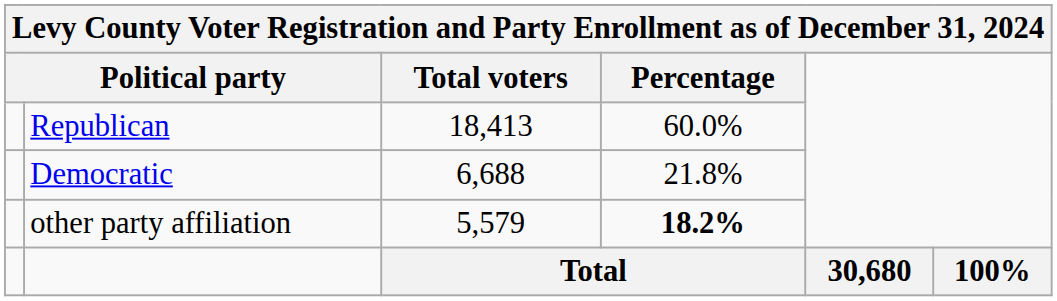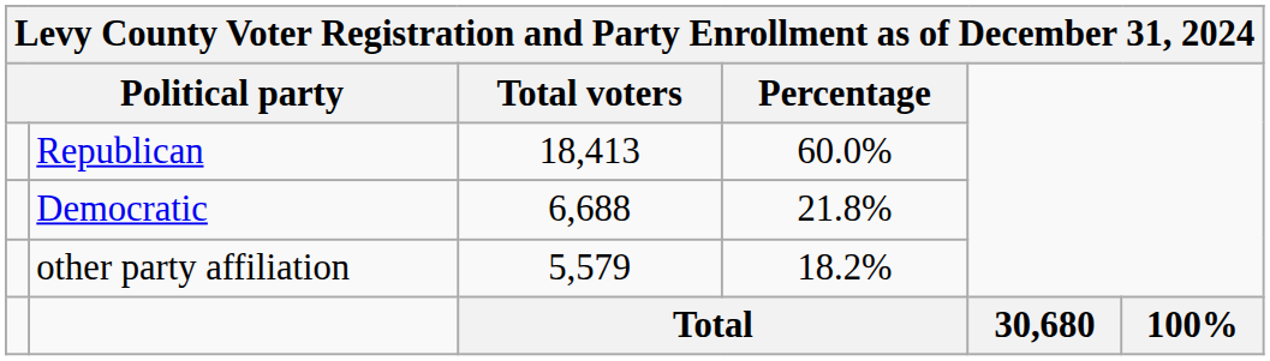 <table class=wikitable>
 <tr>
 <th colspan = 6>Levy County Voter Registration and Party Enrollment as of December 31, 2024</th>
 </tr>
 <tr>
 <th colspan = 2>Political party</th>
 <th>Total voters</th>
 <th>Percentage</th>
 </tr>
 <tr>
 <td></td>
 <td><a href='#'>Republican</a></td>
 <td align = center>18,413</td>
 <td align = center>60.0%</td>
 </tr>
 <tr>
 <td></td>
 <td><a href='#'>Democratic</a></td>
 <td align = center>6,688</td>
 <td align = center>21.8%</td>
 </tr>
 <tr>
 <td></td>
 <td>other party affiliation</td>
 <td align = center>5,579</td>
-<td align = center><strong>18.2%</strong></td>
+<td align = center>18.2%</td>
 </tr>
 <tr>
 <td></td>
 <td></td>
 <th colspan = 2>Total</th>
 <th align = center>30,680</th>
 <th align = center>100%</th>
 </tr>
 </table>
